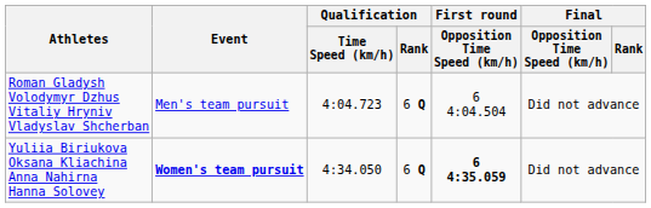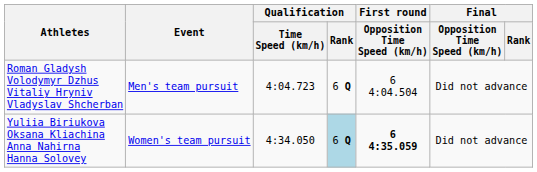 <table class="wikitable" style="font-size:90%">
 <tr>
 <th rowspan=2>Athletes</th>
 <th rowspan=2>Event</th>
 <th colspan=2>Qualification</th>
 <th>First round</th>
 <th colspan=2>Final</th>
 </tr>
 <tr style="font-size:95%">
 <th>Time<br>Speed (km/h)</th>
 <th>Rank</th>
 <th>Opposition<br>Time<br>Speed (km/h)</th>
 <th>Opposition<br>Time<br>Speed (km/h)</th>
 <th>Rank</th>
 </tr>
 <tr align=center>
 <td align=left><a href='#'>Roman Gladysh</a><br><a href='#'>Volodymyr Dzhus</a><br><a href='#'>Vitaliy Hryniv</a><br><a href='#'>Vladyslav Shcherban</a></td>
 <td align=left><a href='#'>Men's team pursuit</a></td>
 <td>4:04.723</td>
 <td>6 <strong>Q</strong></td>
 <td>6<br>4:04.504</td>
 <td colspan=2>Did not advance</td>
 </tr>
 <tr align=center>
 <td align=left><a href='#'>Yuliia Biriukova</a><br><a href='#'>Oksana Kliachina</a><br><a href='#'>Anna Nahirna</a><br><a href='#'>Hanna Solovey</a></td>
-<td align=left><strong><a href='#'>Women's team pursuit</a></strong></td>
+<td align=left><a href='#'>Women's team pursuit</a></td>
 <td>4:34.050</td>
-<td>6 <strong>Q</strong></td>
+<td style="background: lightblue;">6 <strong>Q</strong></td>
 <td><strong>6<br>4:35.059</strong></td>
 <td colspan=2>Did not advance</td>
 </tr>
 </table>
